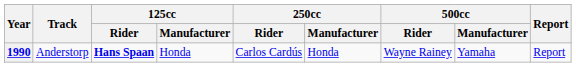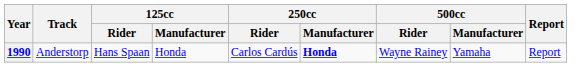 <table class="wikitable" style="font-size: 95%;">
 <tr>
 <th rowspan=2>Year</th>
 <th rowspan=2>Track</th>
 <th colspan=2>125cc</th>
 <th colspan=2>250cc</th>
 <th colspan=2>500cc</th>
 <th rowspan=2>Report</th>
 </tr>
 <tr>
 <th>Rider</th>
 <th>Manufacturer</th>
 <th>Rider</th>
 <th>Manufacturer</th>
 <th>Rider</th>
 <th>Manufacturer</th>
 </tr>
 <tr>
 <th><a href='#'>1990</a></th>
 <td><a href='#'>Anderstorp</a></td>
-<td><strong> <a href='#'>Hans Spaan</a></strong></td>
+<td> <a href='#'>Hans Spaan</a></td>
 <td><a href='#'>Honda</a></td>
 <td> <a href='#'>Carlos Cardús</a></td>
-<td><a href='#'>Honda</a></td>
+<td><strong><a href='#'>Honda</a></strong></td>
 <td> <a href='#'>Wayne Rainey</a></td>
 <td><a href='#'>Yamaha</a></td>
 <td><a href='#'>Report</a></td>
 </tr>
 </table>
